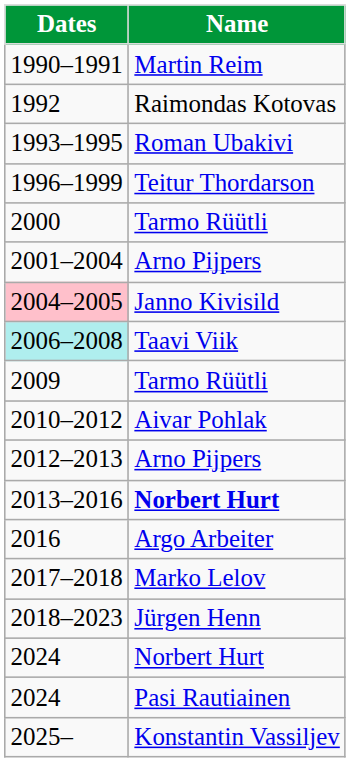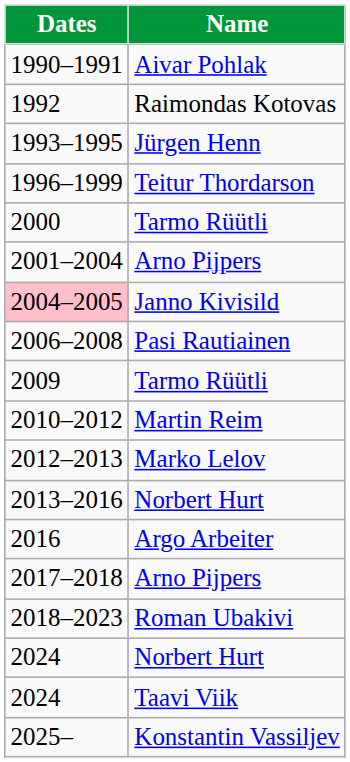 <table class="wikitable">
 <tr>
 <th style="background: #009639; color:white; border:1px solid #DCDCDC">Dates</th>
 <th style="background: #009639; color:white; border:1px solid #DCDCDC">Name</th>
 </tr>
 <tr>
 <td>1990–1991</td>
-<td> <a href='#'>Martin Reim</a></td>
+<td> <a href='#'>Aivar Pohlak</a></td>
 </tr>
 <tr>
 <td>1992</td>
 <td> Raimondas Kotovas</td>
 </tr>
 <tr>
 <td>1993–1995</td>
-<td> <a href='#'>Roman Ubakivi</a></td>
+<td> <a href='#'>Jürgen Henn</a></td>
 </tr>
 <tr>
 <td>1996–1999</td>
 <td> <a href='#'>Teitur Thordarson</a></td>
 </tr>
 <tr>
 <td>2000</td>
 <td> <a href='#'>Tarmo Rüütli</a></td>
 </tr>
 <tr>
 <td>2001–2004</td>
 <td> <a href='#'>Arno Pijpers</a></td>
 </tr>
 <tr>
 <td style="background: pink;">2004–2005</td>
 <td> <a href='#'>Janno Kivisild</a></td>
 </tr>
 <tr>
-<td style="background: paleturquoise;">2006–2008</td>
-<td> <a href='#'>Taavi Viik</a></td>
+<td>2006–2008</td>
+<td> <a href='#'>Pasi Rautiainen</a></td>
 </tr>
 <tr>
 <td>2009</td>
 <td> <a href='#'>Tarmo Rüütli</a></td>
 </tr>
 <tr>
 <td>2010–2012</td>
-<td> <a href='#'>Aivar Pohlak</a></td>
+<td> <a href='#'>Martin Reim</a></td>
 </tr>
 <tr>
 <td>2012–2013</td>
-<td> <a href='#'>Arno Pijpers</a></td>
+<td> <a href='#'>Marko Lelov</a></td>
 </tr>
 <tr>
 <td>2013–2016</td>
-<td><strong> <a href='#'>Norbert Hurt</a></strong></td>
+<td> <a href='#'>Norbert Hurt</a></td>
 </tr>
 <tr>
 <td>2016</td>
 <td> <a href='#'>Argo Arbeiter</a></td>
 </tr>
 <tr>
 <td>2017–2018</td>
-<td> <a href='#'>Marko Lelov</a></td>
+<td> <a href='#'>Arno Pijpers</a></td>
 </tr>
 <tr>
 <td>2018–2023</td>
-<td> <a href='#'>Jürgen Henn</a></td>
+<td> <a href='#'>Roman Ubakivi</a></td>
 </tr>
 <tr>
 <td>2024</td>
 <td> <a href='#'>Norbert Hurt</a></td>
 </tr>
 <tr>
 <td>2024</td>
-<td> <a href='#'>Pasi Rautiainen</a></td>
+<td> <a href='#'>Taavi Viik</a></td>
 </tr>
 <tr>
 <td>2025–</td>
 <td> <a href='#'>Konstantin Vassiljev</a></td>
 </tr>
 </table>
